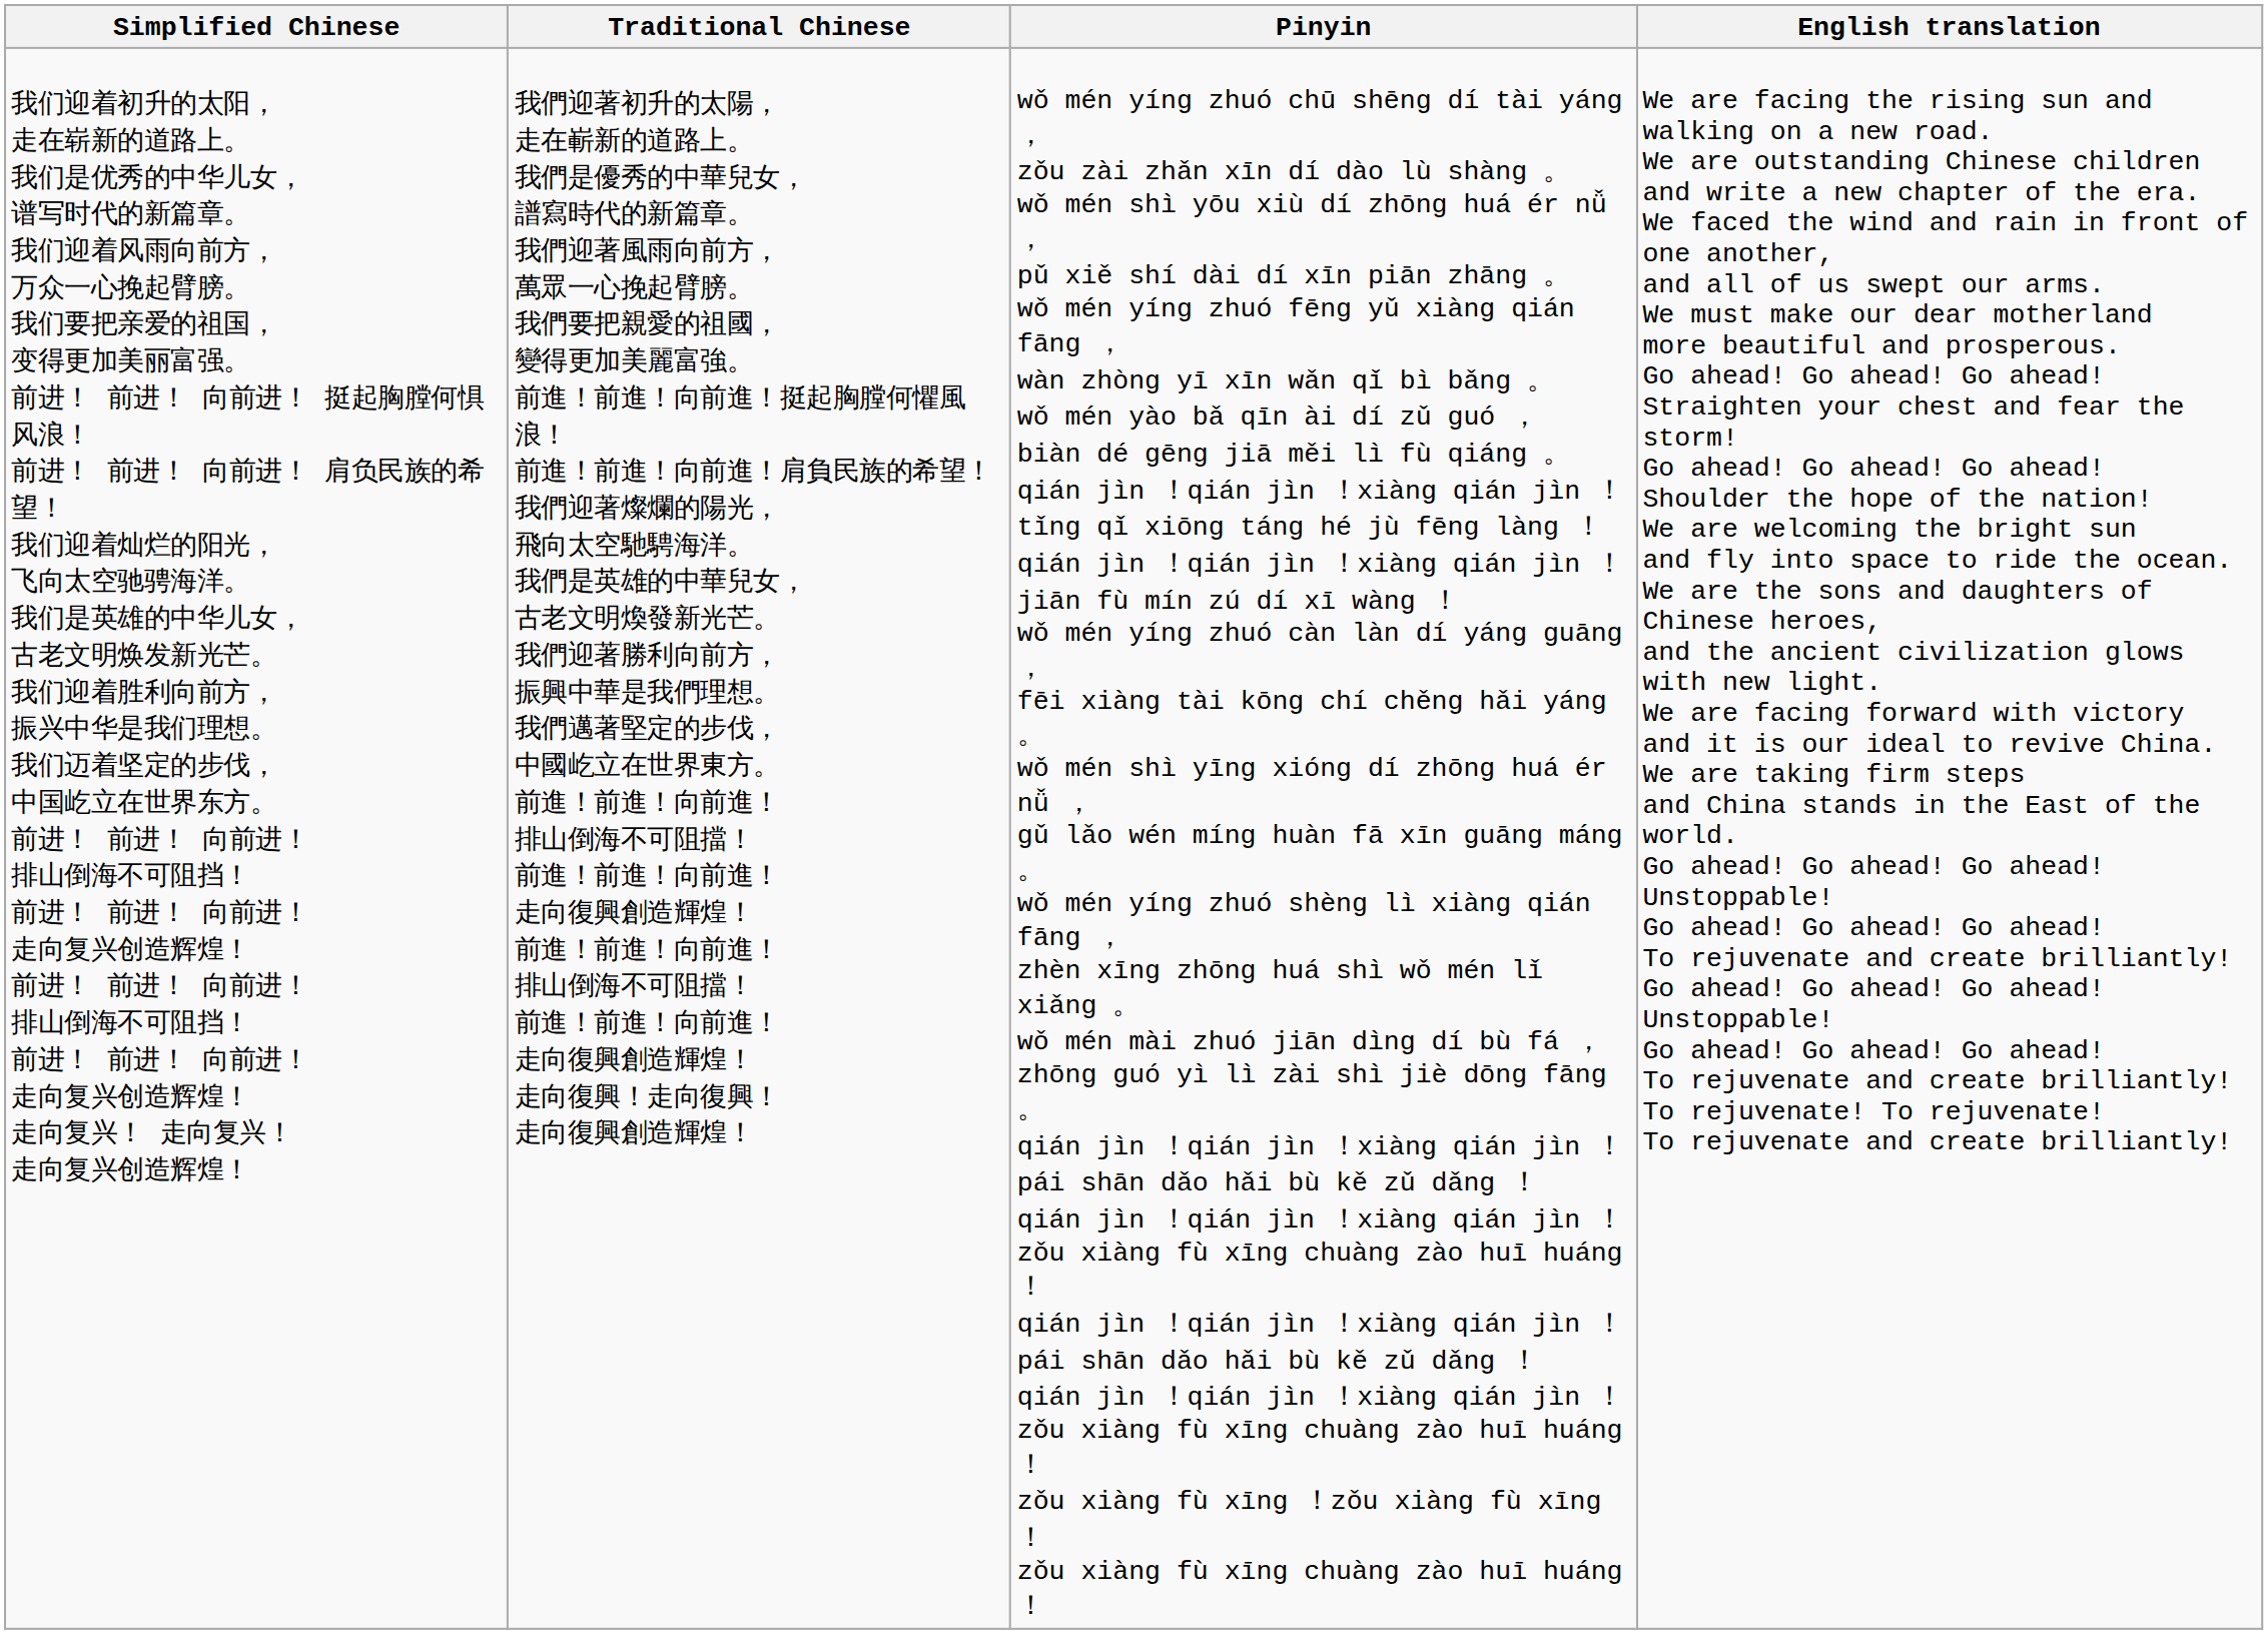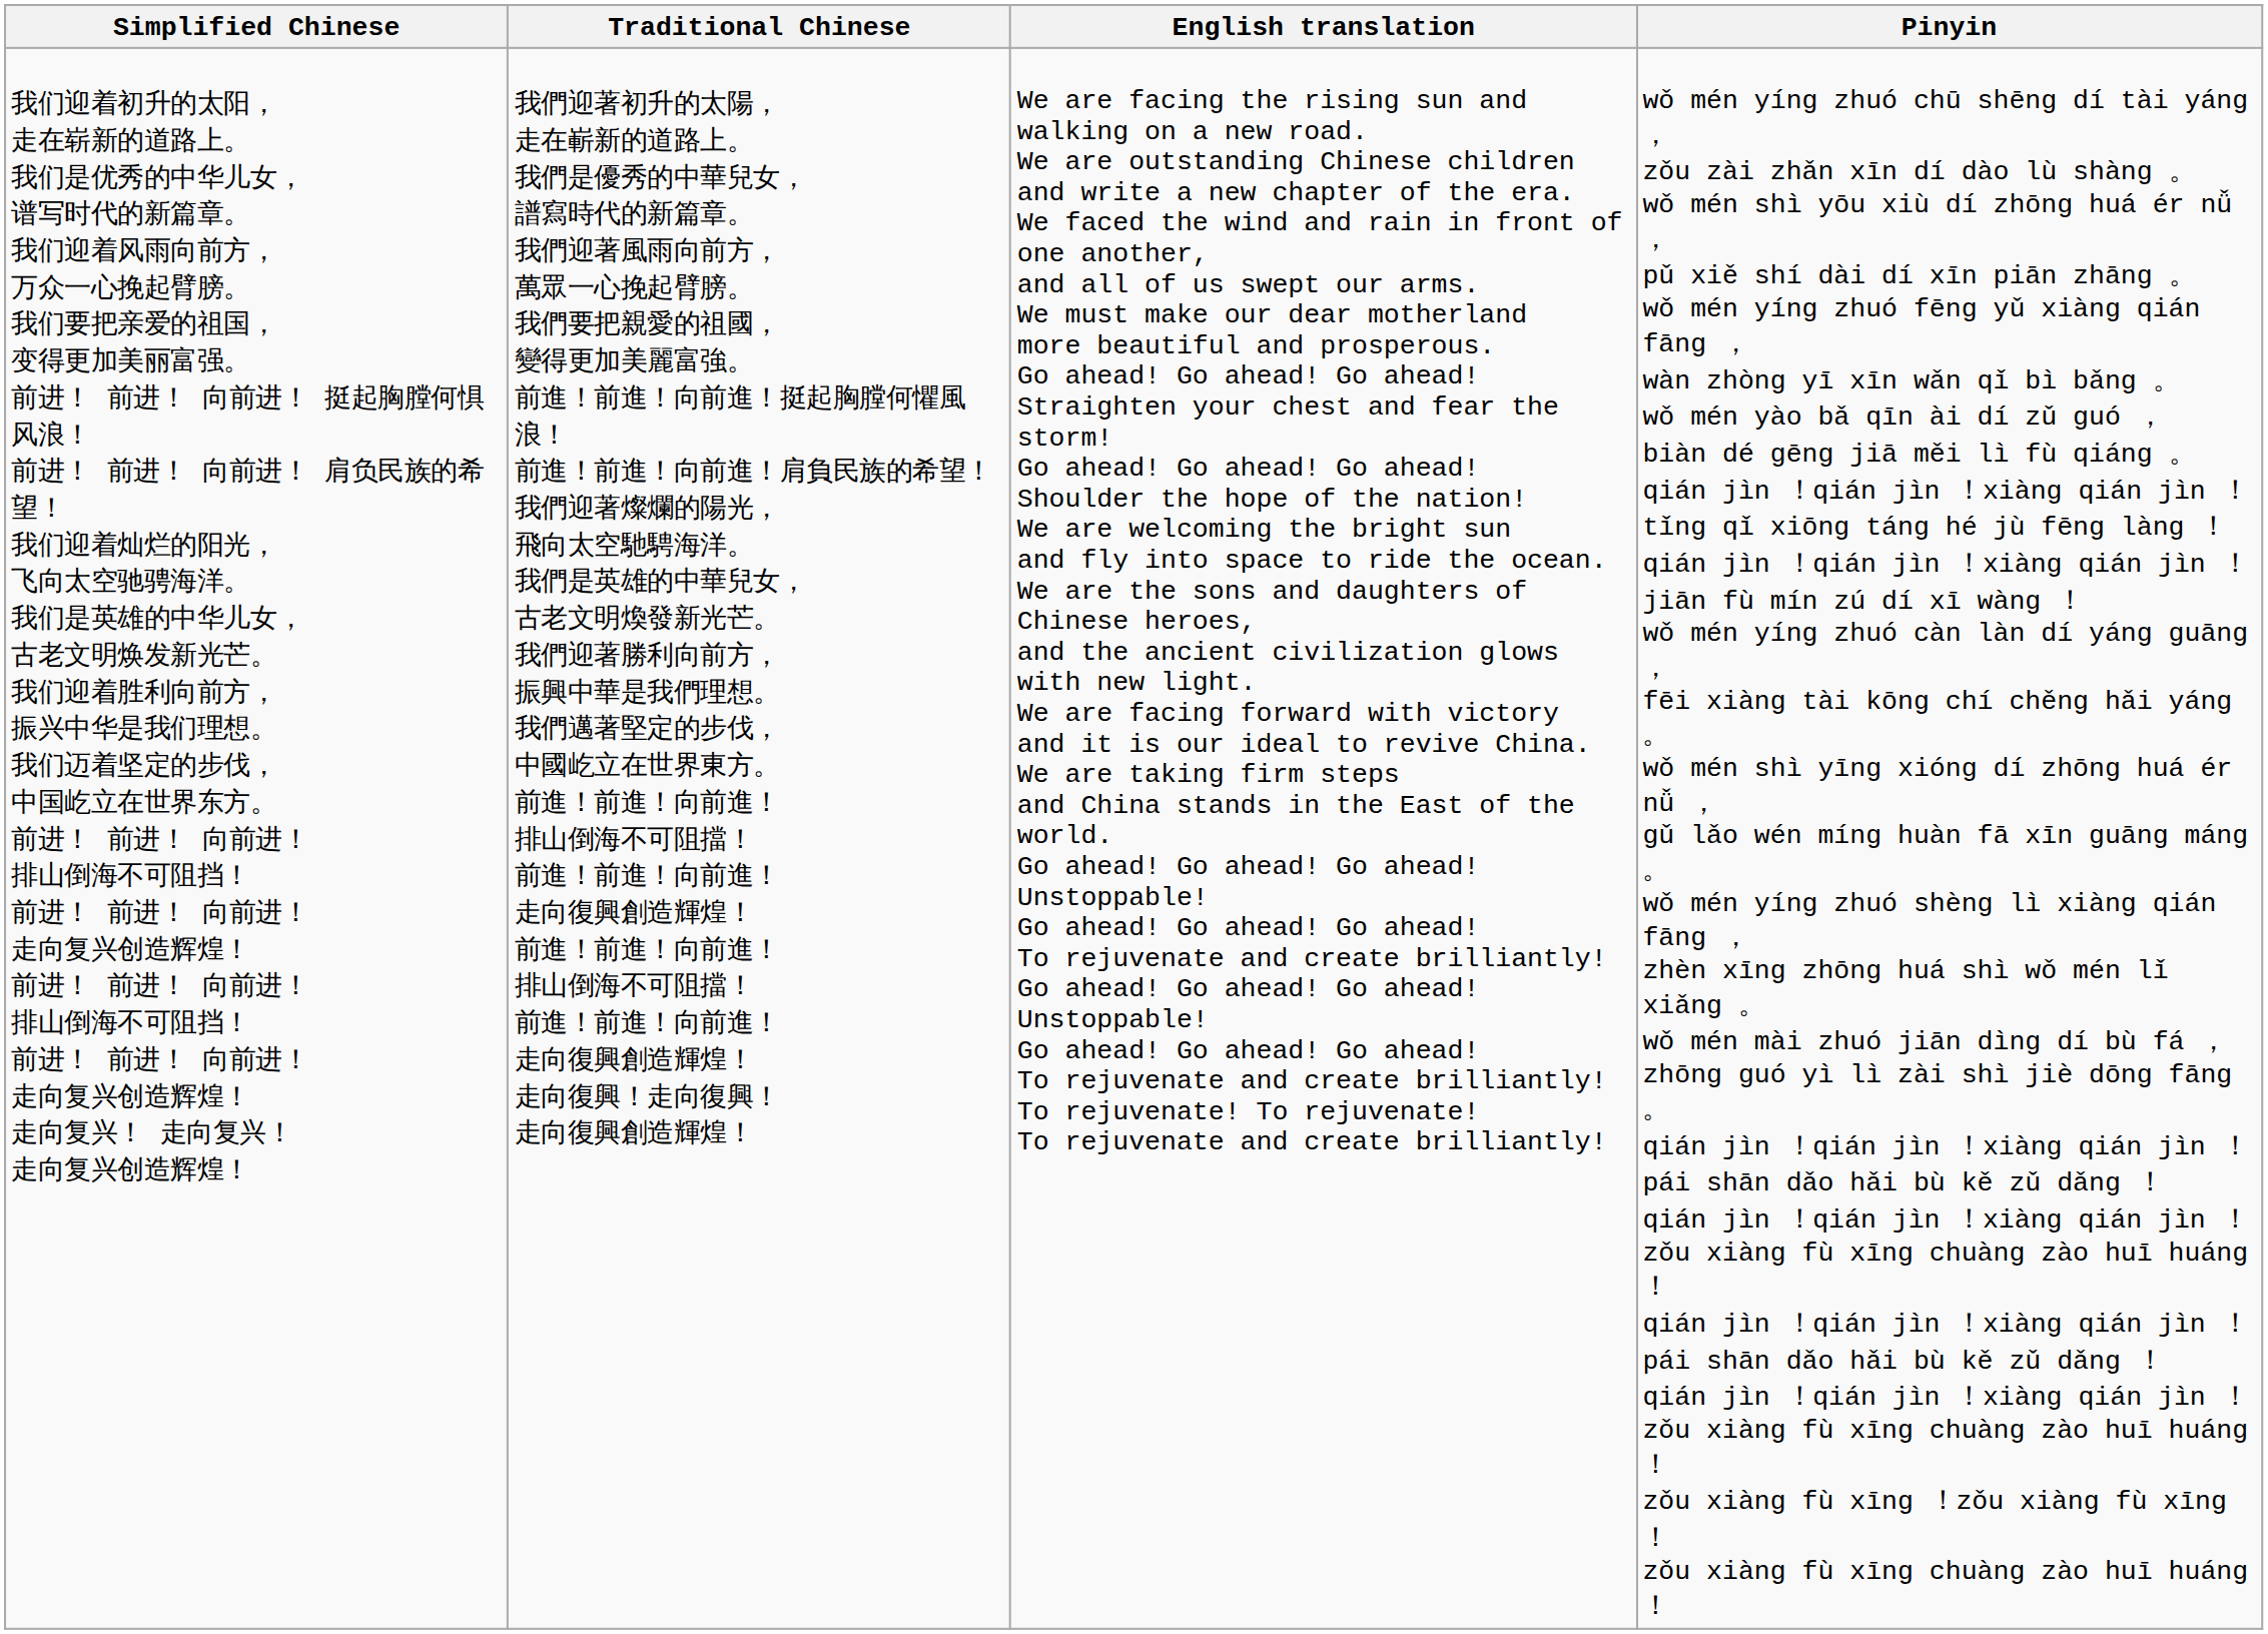 <table class="wikitable">
 <tr>
 <th width="240">Simplified Chinese</th>
 <th width="240">Traditional Chinese</th>
+<th width="300">English translation</th>
 <th width="300">Pinyin</th>
-<th width="300">English translation</th>
 </tr>
 <tr valign="top">
 <td><br>我们迎着初升的太阳，<br> 走在崭新的道路上。<br> 我们是优秀的中华儿女，<br> 谱写时代的新篇章。<br> 我们迎着风雨向前方，<br> 万众一心挽起臂膀。 <br> 我们要把亲爱的祖国，<br> 变得更加美丽富强。<br> 前进！ 前进！ 向前进！ 挺起胸膛何惧风浪！ <br> 前进！ 前进！ 向前进！ 肩负民族的希望！<br> 我们迎着灿烂的阳光，<br> 飞向太空驰骋海洋。 <br> 我们是英雄的中华儿女，<br> 古老文明焕发新光芒。<br> 我们迎着胜利向前方，<br> 振兴中华是我们理想。 <br> 我们迈着坚定的步伐，<br> 中国屹立在世界东方。<br> 前进！ 前进！ 向前进！<br>  排山倒海不可阻挡！<br> 前进！ 前进！ 向前进！ <br> 走向复兴创造辉煌！<br> 前进！ 前进！ 向前进！ <br> 排山倒海不可阻挡！ <br> 前进！ 前进！ 向前进！ <br> 走向复兴创造辉煌！<br> 走向复兴！ 走向复兴！ <br> 走向复兴创造辉煌！<br></td>
 <td><br>我們迎著初升的太陽，<br> 走在嶄新的道路上。<br> 我們是優秀的中華兒女，<br> 譜寫時代的新篇章。<br> 我們迎著風雨向前方，<br> 萬眾一心挽起臂膀。<br> 我們要把親愛的祖國，<br> 變得更加美麗富強。<br> 前進！前進！向前進！挺起胸膛何懼風浪！<br> 前進！前進！向前進！肩負民族的希望！<br> 我們迎著燦爛的陽光，<br> 飛向太空馳騁海洋。<br> 我們是英雄的中華兒女，<br> 古老文明煥發新光芒。<br> 我們迎著勝利向前方，<br> 振興中華是我們理想。<br> 我們邁著堅定的步伐，<br> 中國屹立在世界東方。<br> 前進！前進！向前進！<br> 排山倒海不可阻擋！<br> 前進！前進！向前進！<br> 走向復興創造輝煌！<br> 前進！前進！向前進！<br> 排山倒海不可阻擋！<br> 前進！前進！向前進！<br> 走向復興創造輝煌！<br> 走向復興！走向復興！<br> 走向復興創造輝煌！<br></td>
+<td><br>We are facing the rising sun and walking on a new road.<br> We are outstanding Chinese children<br> and write a new chapter of the era.<br> We faced the wind and rain in front of one another, <br> and all of us swept our arms.<br> We must make our dear motherland<br> more beautiful and prosperous.<br> Go ahead! Go ahead! Go ahead! <br> Straighten your chest and fear the storm!<br> Go ahead! Go ahead! Go ahead! <br> Shoulder the hope of the nation!<br> We are welcoming the bright sun <br> and fly into space to ride the ocean.<br> We are the sons and daughters of Chinese heroes, <br> and the ancient civilization glows with new light.<br> We are facing forward with victory <br> and it is our ideal to revive China.<br> We are taking firm steps<br> and China stands in the East of the world.<br> Go ahead! Go ahead! Go ahead! <br> Unstoppable!<br> Go ahead! Go ahead! Go ahead! <br> To rejuvenate and create brilliantly!<br> Go ahead! Go ahead! Go ahead! <br> Unstoppable!<br> Go ahead! Go ahead! Go ahead!  <br> To rejuvenate and create brilliantly!<br> To rejuvenate! To rejuvenate! <br> To rejuvenate and create brilliantly!<br></td>
 <td><br>wǒ mén yíng zhuó chū shēng dí tài yáng ，<br> zǒu zài zhǎn xīn dí dào lù shàng 。 <br> wǒ mén shì yōu xiù dí zhōng huá ér nǚ ，<br> pǔ xiě shí dài dí xīn piān zhāng 。 <br> wǒ mén yíng zhuó fēng yǔ xiàng qián fāng ，<br> wàn zhòng yī xīn wǎn qǐ bì bǎng 。   <br> wǒ mén yào bǎ qīn ài dí zǔ guó ，<br> biàn dé gēng jiā měi lì fù qiáng 。 <br> qián jìn ！qián jìn ！xiàng qián jìn ！ <br>  tǐng qǐ xiōng táng hé jù fēng làng ！   <br> qián jìn ！qián jìn ！xiàng qián jìn ！  <br> jiān fù mín zú dí xī wàng ！ <br> wǒ mén yíng zhuó càn làn dí yáng guāng ，<br> fēi xiàng tài kōng chí chěng hǎi yáng 。   <br> wǒ mén shì yīng xióng dí zhōng huá ér nǚ ，<br> gǔ lǎo wén míng huàn fā xīn guāng máng 。 <br> wǒ mén yíng zhuó shèng lì xiàng qián fāng ，<br> zhèn xīng zhōng huá shì wǒ mén lǐ xiǎng 。   <br> wǒ mén mài zhuó jiān dìng dí bù fá ，<br> zhōng guó yì lì zài shì jiè dōng fāng 。 <br> qián jìn ！qián jìn ！xiàng qián jìn ！  <br> pái shān dǎo hǎi bù kě zǔ dǎng ！ <br> qián jìn ！qián jìn ！xiàng qián jìn ！<br>   zǒu xiàng fù xīng chuàng zào huī huáng ！ <br> qián jìn ！qián jìn ！xiàng qián jìn ！ <br> pái shān dǎo hǎi bù kě zǔ dǎng ！   <br> qián jìn ！qián jìn ！xiàng qián jìn ！<br> zǒu xiàng fù xīng chuàng zào huī huáng ！ <br> zǒu xiàng fù xīng ！zǒu xiàng fù xīng ！ <br> zǒu xiàng fù xīng chuàng zào huī huáng ！<br></td>
-<td><br>We are facing the rising sun and walking on a new road.<br> We are outstanding Chinese children<br> and write a new chapter of the era.<br> We faced the wind and rain in front of one another, <br> and all of us swept our arms.<br> We must make our dear motherland<br> more beautiful and prosperous.<br> Go ahead! Go ahead! Go ahead! <br> Straighten your chest and fear the storm!<br> Go ahead! Go ahead! Go ahead! <br> Shoulder the hope of the nation!<br> We are welcoming the bright sun <br> and fly into space to ride the ocean.<br> We are the sons and daughters of Chinese heroes, <br> and the ancient civilization glows with new light.<br> We are facing forward with victory <br> and it is our ideal to revive China.<br> We are taking firm steps<br> and China stands in the East of the world.<br> Go ahead! Go ahead! Go ahead! <br> Unstoppable!<br> Go ahead! Go ahead! Go ahead! <br> To rejuvenate and create brilliantly!<br> Go ahead! Go ahead! Go ahead! <br> Unstoppable!<br> Go ahead! Go ahead! Go ahead!  <br> To rejuvenate and create brilliantly!<br> To rejuvenate! To rejuvenate! <br> To rejuvenate and create brilliantly!<br></td>
 </tr>
 </table>
